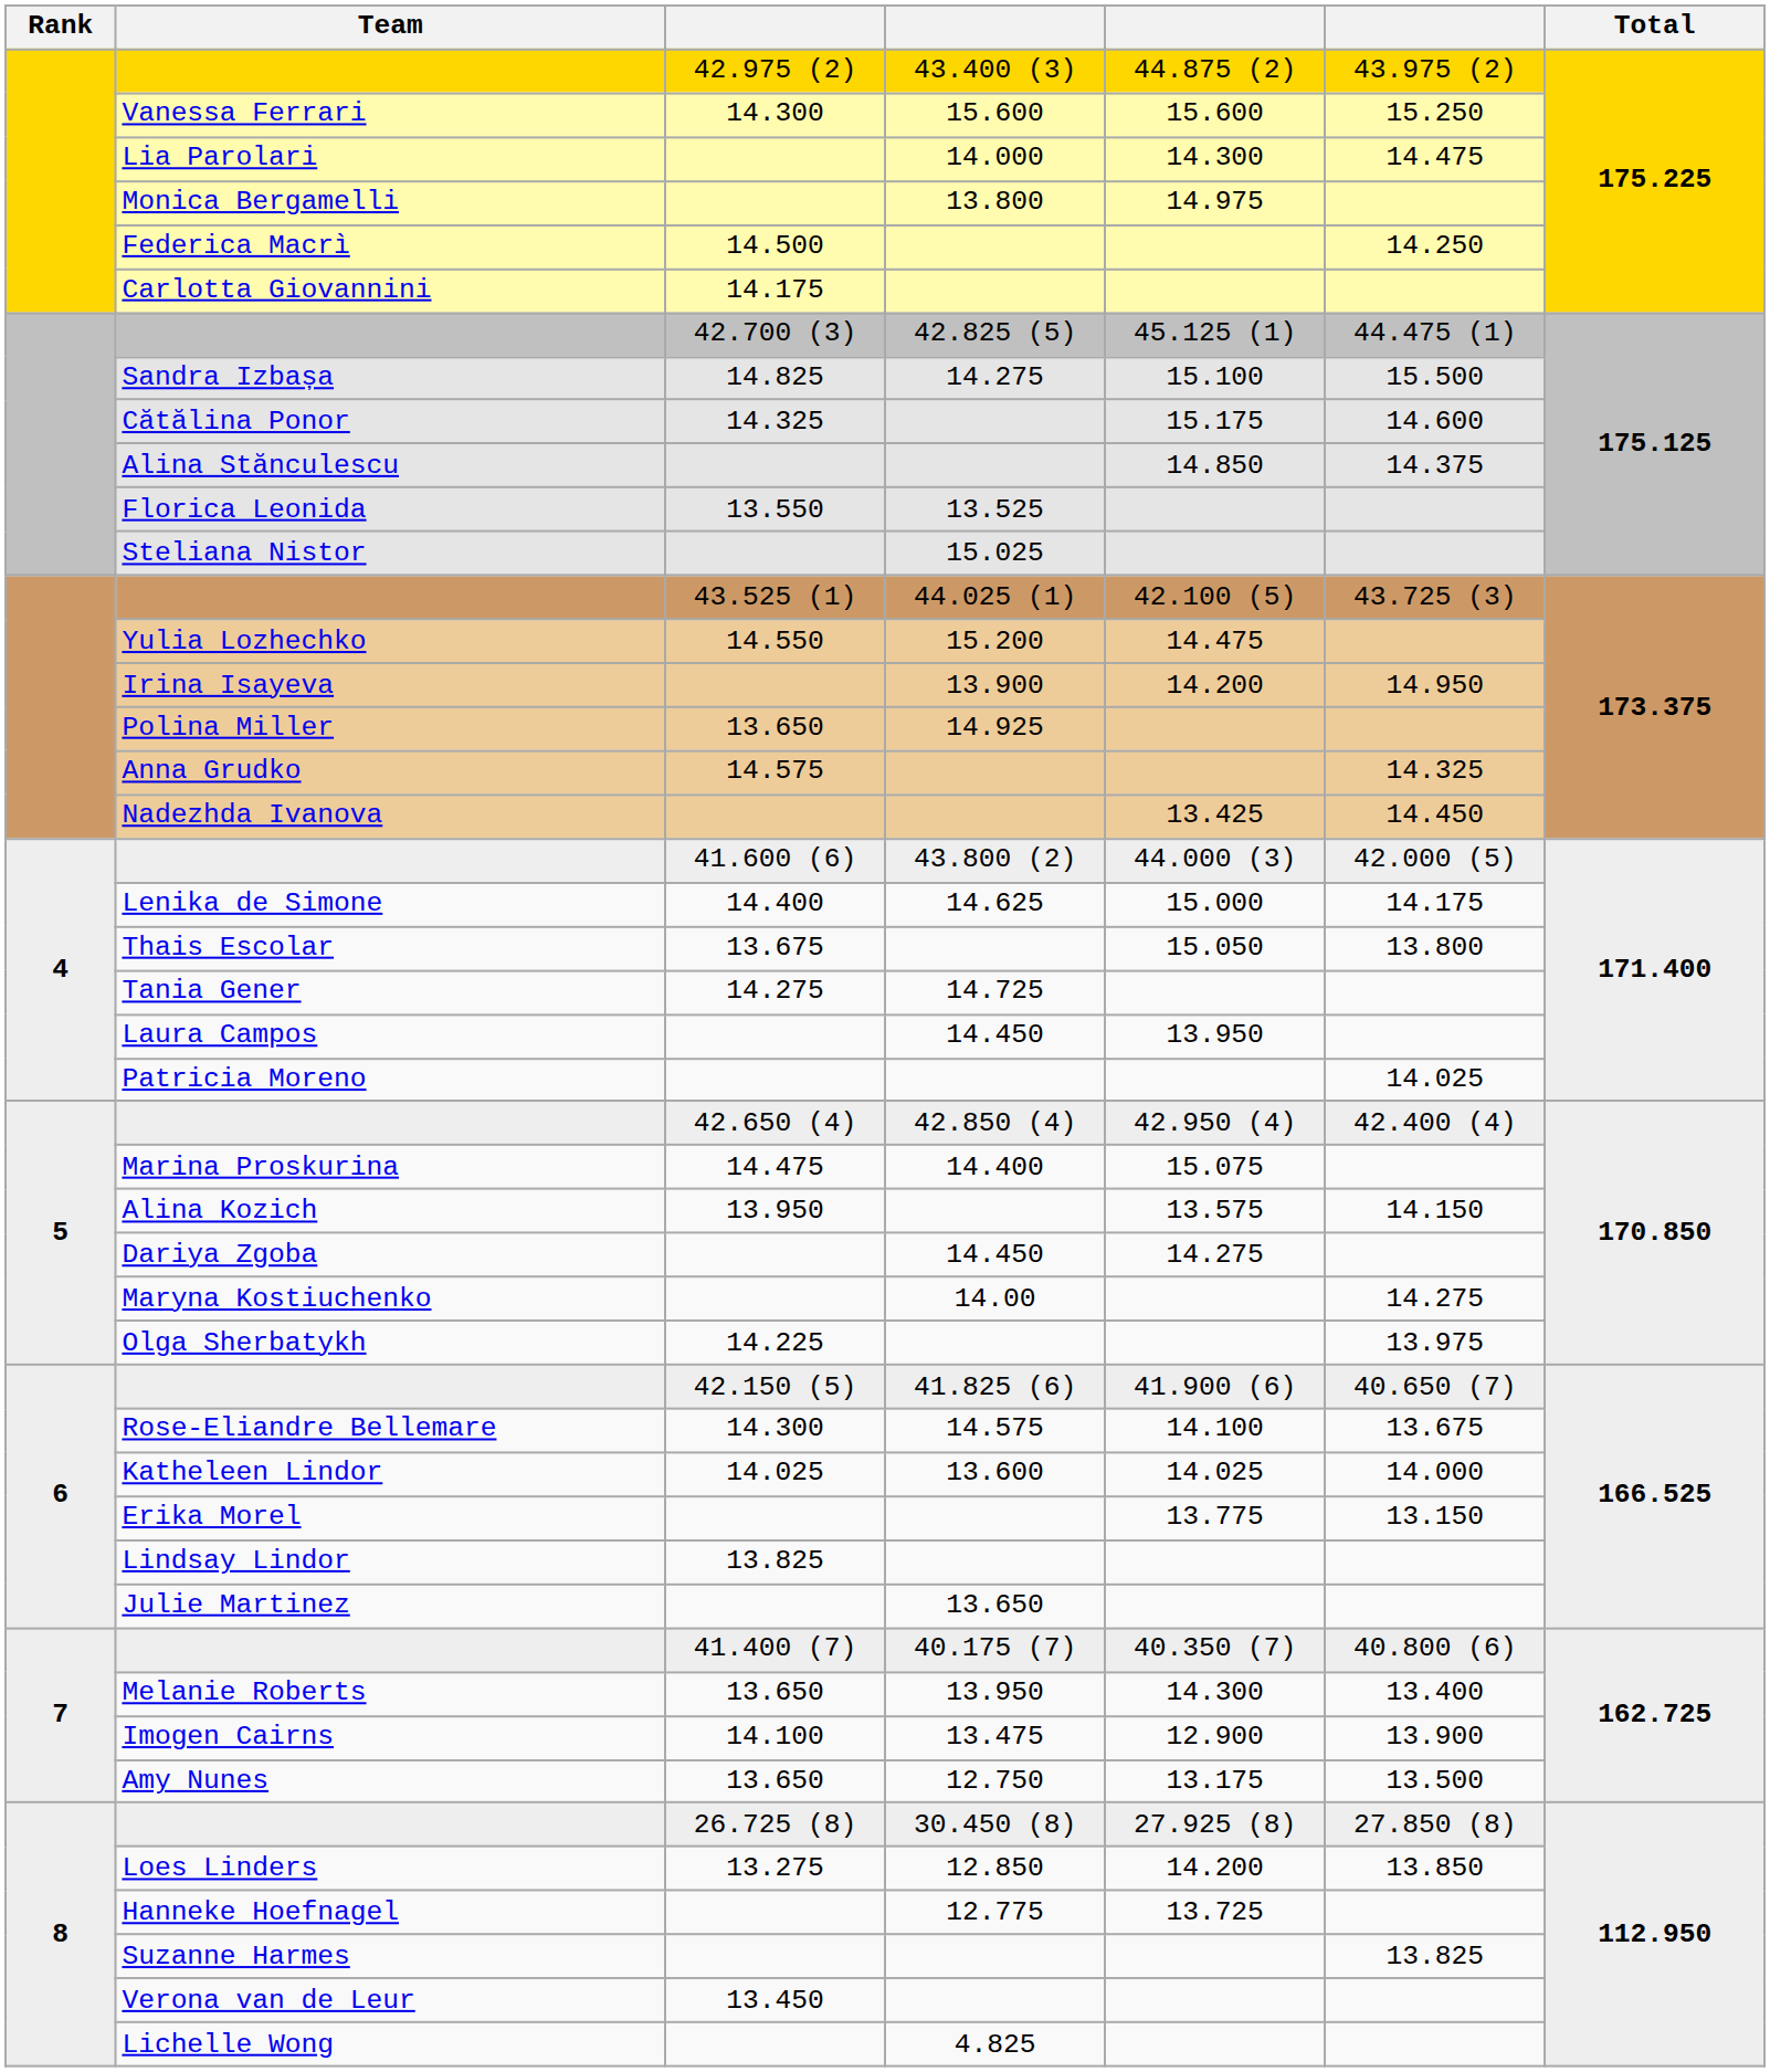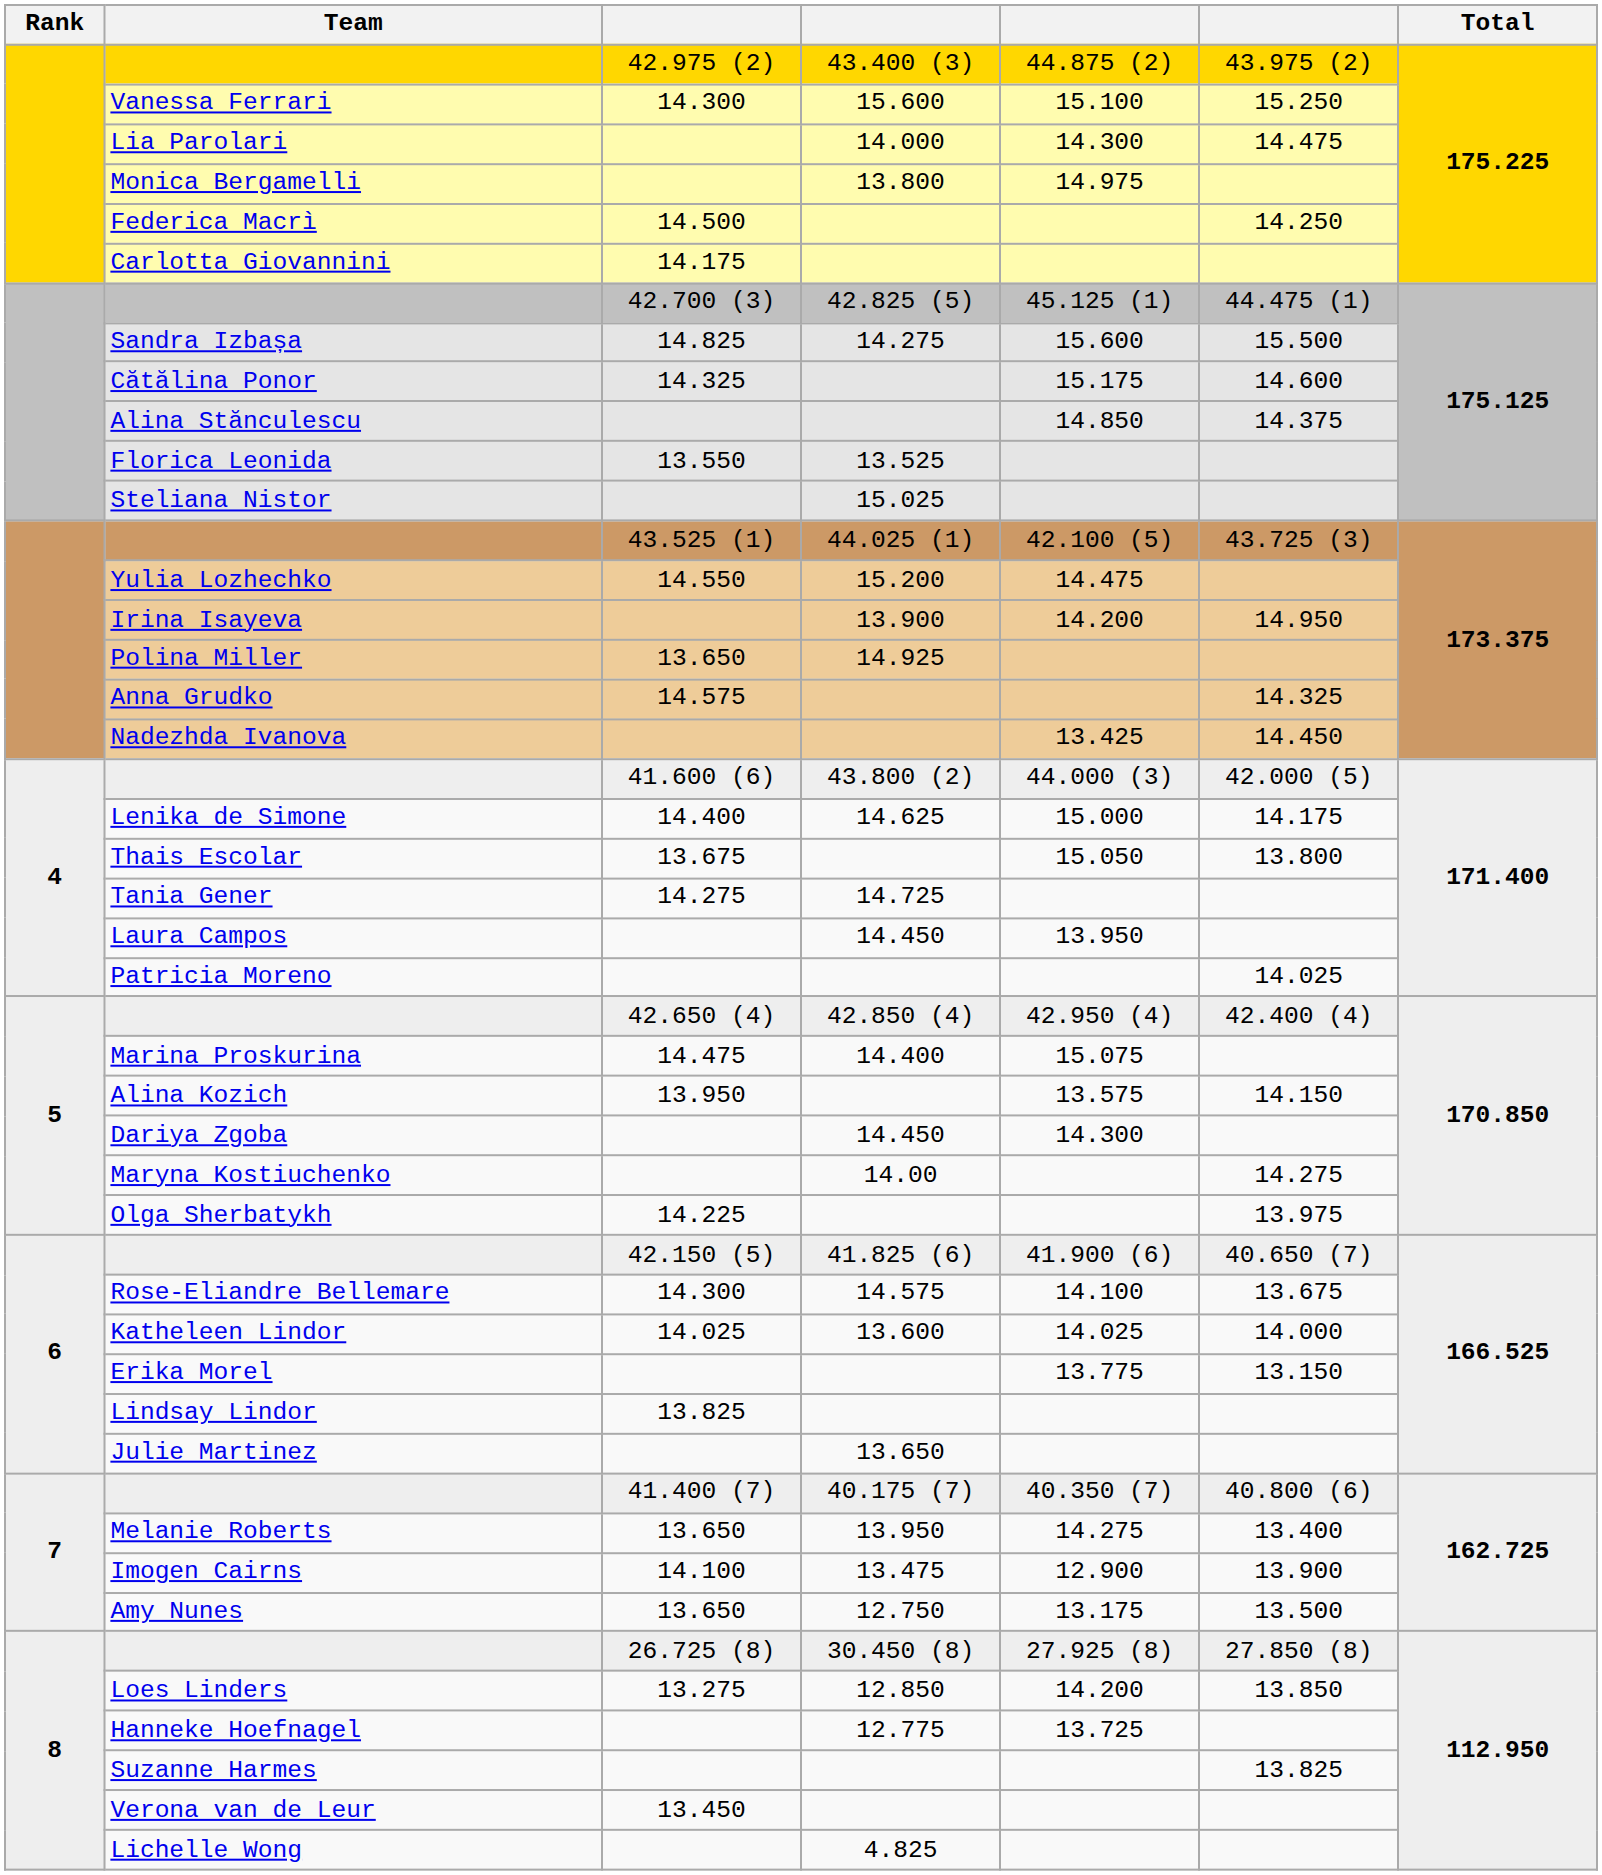 <table class="wikitable" style="text-align:center; font-size:95%">
 <tr>
 <th width="5%">Rank</th>
 <th width="25%">Team</th>
 <th width="10%"></th>
 <th width="10%"></th>
 <th width="10%"></th>
 <th width="10%"></th>
 <th width="10%">Total</th>
 </tr>
 <tr bgcolor=gold>
 <td rowspan=6></td>
 <td align="left"><strong></strong></td>
 <td>42.975 (2)</td>
 <td>43.400 (3)</td>
 <td>44.875 (2)</td>
 <td>43.975 (2)</td>
 <td rowspan=6><strong>175.225</strong></td>
 </tr>
 <tr bgcolor=fffcaf>
 <td align="left"><a href='#'>Vanessa Ferrari</a></td>
 <td>14.300</td>
 <td>15.600</td>
-<td>15.600</td>
+<td>15.100</td>
 <td>15.250</td>
 </tr>
 <tr bgcolor=fffcaf>
 <td align="left"><a href='#'>Lia Parolari</a></td>
 <td></td>
 <td>14.000</td>
 <td>14.300</td>
 <td>14.475</td>
 </tr>
 <tr bgcolor=fffcaf>
 <td align="left"><a href='#'>Monica Bergamelli</a></td>
 <td></td>
 <td>13.800</td>
 <td>14.975</td>
 <td></td>
 </tr>
 <tr bgcolor=fffcaf>
 <td align="left"><a href='#'>Federica Macrì</a></td>
 <td>14.500</td>
 <td></td>
 <td></td>
 <td>14.250</td>
 </tr>
 <tr bgcolor=fffcaf>
 <td align="left"><a href='#'>Carlotta Giovannini</a></td>
 <td>14.175</td>
 <td></td>
 <td></td>
 <td></td>
 </tr>
 <tr bgcolor=silver>
 <td rowspan=6></td>
 <td align="left"><strong></strong></td>
 <td>42.700 (3)</td>
 <td>42.825 (5)</td>
 <td>45.125 (1)</td>
 <td>44.475 (1)</td>
 <td rowspan=6><strong>175.125</strong></td>
 </tr>
 <tr bgcolor=e5e5e5>
 <td align="left"><a href='#'>Sandra Izbașa</a></td>
 <td>14.825</td>
 <td>14.275</td>
-<td>15.100</td>
+<td>15.600</td>
 <td>15.500</td>
 </tr>
 <tr bgcolor=e5e5e5>
 <td align="left"><a href='#'>Cătălina Ponor</a></td>
 <td>14.325</td>
 <td></td>
 <td>15.175</td>
 <td>14.600</td>
 </tr>
 <tr bgcolor=e5e5e5>
 <td align="left"><a href='#'>Alina Stănculescu</a></td>
 <td></td>
 <td></td>
 <td>14.850</td>
 <td>14.375</td>
 </tr>
 <tr bgcolor=e5e5e5>
 <td align="left"><a href='#'>Florica Leonida</a></td>
 <td>13.550</td>
 <td>13.525</td>
 <td></td>
 <td></td>
 </tr>
 <tr bgcolor=e5e5e5>
 <td align="left"><a href='#'>Steliana Nistor</a></td>
 <td></td>
 <td>15.025</td>
 <td></td>
 <td></td>
 </tr>
 <tr bgcolor=cc9966>
 <td rowspan=6></td>
 <td align="left"><strong></strong></td>
 <td>43.525 (1)</td>
 <td>44.025 (1)</td>
 <td>42.100 (5)</td>
 <td>43.725 (3)</td>
 <td rowspan=6><strong>173.375</strong></td>
 </tr>
 <tr bgcolor=eecc99>
 <td align="left"><a href='#'>Yulia Lozhechko</a></td>
 <td>14.550</td>
 <td>15.200</td>
 <td>14.475</td>
 <td></td>
 </tr>
 <tr bgcolor=eecc99>
 <td align="left"><a href='#'>Irina Isayeva</a></td>
 <td></td>
 <td>13.900</td>
 <td>14.200</td>
 <td>14.950</td>
 </tr>
 <tr bgcolor=eecc99>
 <td align="left"><a href='#'>Polina Miller</a></td>
 <td>13.650</td>
 <td>14.925</td>
 <td></td>
 <td></td>
 </tr>
 <tr bgcolor=eecc99>
 <td align="left"><a href='#'>Anna Grudko</a></td>
 <td>14.575</td>
 <td></td>
 <td></td>
 <td>14.325</td>
 </tr>
 <tr bgcolor=eecc99>
 <td align="left"><a href='#'>Nadezhda Ivanova</a></td>
 <td></td>
 <td></td>
 <td>13.425</td>
 <td>14.450</td>
 </tr>
 <tr bgcolor=eeeeee>
 <td rowspan=6><strong>4</strong></td>
 <td align="left"><strong></strong></td>
 <td>41.600 (6)</td>
 <td>43.800 (2)</td>
 <td>44.000 (3)</td>
 <td>42.000 (5)</td>
 <td rowspan=6><strong>171.400</strong></td>
 </tr>
 <tr>
 <td align="left"><a href='#'>Lenika de Simone</a></td>
 <td>14.400</td>
 <td>14.625</td>
 <td>15.000</td>
 <td>14.175</td>
 </tr>
 <tr>
 <td align="left"><a href='#'>Thais Escolar</a></td>
 <td>13.675</td>
 <td></td>
 <td>15.050</td>
 <td>13.800</td>
 </tr>
 <tr>
 <td align="left"><a href='#'>Tania Gener</a></td>
 <td>14.275</td>
 <td>14.725</td>
 <td></td>
 <td></td>
 </tr>
 <tr>
 <td align="left"><a href='#'>Laura Campos</a></td>
 <td></td>
 <td>14.450</td>
 <td>13.950</td>
 <td></td>
 </tr>
 <tr>
 <td align="left"><a href='#'>Patricia Moreno</a></td>
 <td></td>
 <td></td>
 <td></td>
 <td>14.025</td>
 </tr>
 <tr bgcolor=eeeeee>
 <td rowspan=6><strong>5</strong></td>
 <td align="left"><strong></strong></td>
 <td>42.650 (4)</td>
 <td>42.850 (4)</td>
 <td>42.950 (4)</td>
 <td>42.400 (4)</td>
 <td rowspan=6><strong>170.850</strong></td>
 </tr>
 <tr>
 <td align="left"><a href='#'>Marina Proskurina</a></td>
 <td>14.475</td>
 <td>14.400</td>
 <td>15.075</td>
 <td></td>
 </tr>
 <tr>
 <td align="left"><a href='#'>Alina Kozich</a></td>
 <td>13.950</td>
 <td></td>
 <td>13.575</td>
 <td>14.150</td>
 </tr>
 <tr>
 <td align="left"><a href='#'>Dariya Zgoba</a></td>
 <td></td>
 <td>14.450</td>
-<td>14.275</td>
+<td>14.300</td>
 <td></td>
 </tr>
 <tr>
 <td align="left"><a href='#'>Maryna Kostiuchenko</a></td>
 <td></td>
 <td>14.00</td>
 <td></td>
 <td>14.275</td>
 </tr>
 <tr>
 <td align="left"><a href='#'>Olga Sherbatykh</a></td>
 <td>14.225</td>
 <td></td>
 <td></td>
 <td>13.975</td>
 </tr>
 <tr bgcolor=eeeeee>
 <td rowspan=6><strong>6</strong></td>
 <td align="left"><strong></strong></td>
 <td>42.150 (5)</td>
 <td>41.825 (6)</td>
 <td>41.900 (6)</td>
 <td>40.650 (7)</td>
 <td rowspan=6><strong>166.525</strong></td>
 </tr>
 <tr>
 <td align="left"><a href='#'>Rose-Eliandre Bellemare</a></td>
 <td>14.300</td>
 <td>14.575</td>
 <td>14.100</td>
 <td>13.675</td>
 </tr>
 <tr>
 <td align="left"><a href='#'>Katheleen Lindor</a></td>
 <td>14.025</td>
 <td>13.600</td>
 <td>14.025</td>
 <td>14.000</td>
 </tr>
 <tr>
 <td align="left"><a href='#'>Erika Morel</a></td>
 <td></td>
 <td></td>
 <td>13.775</td>
 <td>13.150</td>
 </tr>
 <tr>
 <td align="left"><a href='#'>Lindsay Lindor</a></td>
 <td>13.825</td>
 <td></td>
 <td></td>
 <td></td>
 </tr>
 <tr>
 <td align="left"><a href='#'>Julie Martinez</a></td>
 <td></td>
 <td>13.650</td>
 <td></td>
 <td></td>
 </tr>
 <tr bgcolor=eeeeee>
 <td rowspan=4><strong>7</strong></td>
 <td align="left"><strong></strong></td>
 <td>41.400 (7)</td>
 <td>40.175 (7)</td>
 <td>40.350 (7)</td>
 <td>40.800 (6)</td>
 <td rowspan=4><strong>162.725</strong></td>
 </tr>
 <tr>
 <td align="left"><a href='#'>Melanie Roberts</a></td>
 <td>13.650</td>
 <td>13.950</td>
-<td>14.300</td>
+<td>14.275</td>
 <td>13.400</td>
 </tr>
 <tr>
 <td align="left"><a href='#'>Imogen Cairns</a></td>
 <td>14.100</td>
 <td>13.475</td>
 <td>12.900</td>
 <td>13.900</td>
 </tr>
 <tr>
 <td align="left"><a href='#'>Amy Nunes</a></td>
 <td>13.650</td>
 <td>12.750</td>
 <td>13.175</td>
 <td>13.500</td>
 </tr>
 <tr bgcolor=eeeeee>
 <td rowspan=6><strong>8</strong></td>
 <td align="left"><strong></strong></td>
 <td>26.725 (8)</td>
 <td>30.450 (8)</td>
 <td>27.925 (8)</td>
 <td>27.850 (8)</td>
 <td rowspan=6><strong>112.950</strong></td>
 </tr>
 <tr>
 <td align="left"><a href='#'>Loes Linders</a></td>
 <td>13.275</td>
 <td>12.850</td>
 <td>14.200</td>
 <td>13.850</td>
 </tr>
 <tr>
 <td align="left"><a href='#'>Hanneke Hoefnagel</a></td>
 <td></td>
 <td>12.775</td>
 <td>13.725</td>
 <td></td>
 </tr>
 <tr>
 <td align="left"><a href='#'>Suzanne Harmes</a></td>
 <td></td>
 <td></td>
 <td></td>
 <td>13.825</td>
 </tr>
 <tr>
 <td align="left"><a href='#'>Verona van de Leur</a></td>
 <td>13.450</td>
 <td></td>
 <td></td>
 <td></td>
 </tr>
 <tr>
 <td align="left"><a href='#'>Lichelle Wong</a></td>
 <td></td>
 <td>4.825</td>
 <td></td>
 <td></td>
 </tr>
 </table>
